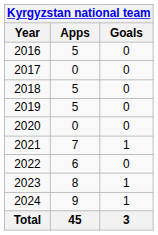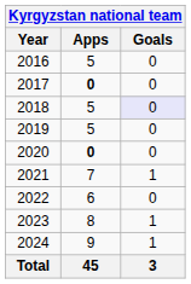 <table class="wikitable" style="text-align:center">
 <tr>
 <th colspan=3><a href='#'>Kyrgyzstan national team</a></th>
 </tr>
 <tr>
 <th>Year</th>
 <th>Apps</th>
 <th>Goals</th>
 </tr>
 <tr>
 <td>2016</td>
 <td>5</td>
 <td>0</td>
 </tr>
 <tr>
 <td>2017</td>
-<td>0</td>
+<td><strong>0</strong></td>
 <td>0</td>
 </tr>
 <tr>
 <td>2018</td>
 <td>5</td>
-<td>0</td>
+<td style="background: lavender;">0</td>
 </tr>
 <tr>
 <td>2019</td>
 <td>5</td>
 <td>0</td>
 </tr>
 <tr>
 <td>2020</td>
-<td>0</td>
+<td><strong>0</strong></td>
 <td>0</td>
 </tr>
 <tr>
 <td>2021</td>
 <td>7</td>
 <td>1</td>
 </tr>
 <tr>
 <td>2022</td>
 <td>6</td>
 <td>0</td>
 </tr>
 <tr>
 <td>2023</td>
 <td>8</td>
 <td>1</td>
 </tr>
 <tr>
 <td>2024</td>
 <td>9</td>
 <td>1</td>
 </tr>
 <tr>
 <th>Total</th>
 <th>45</th>
 <th>3</th>
 </tr>
 </table>
